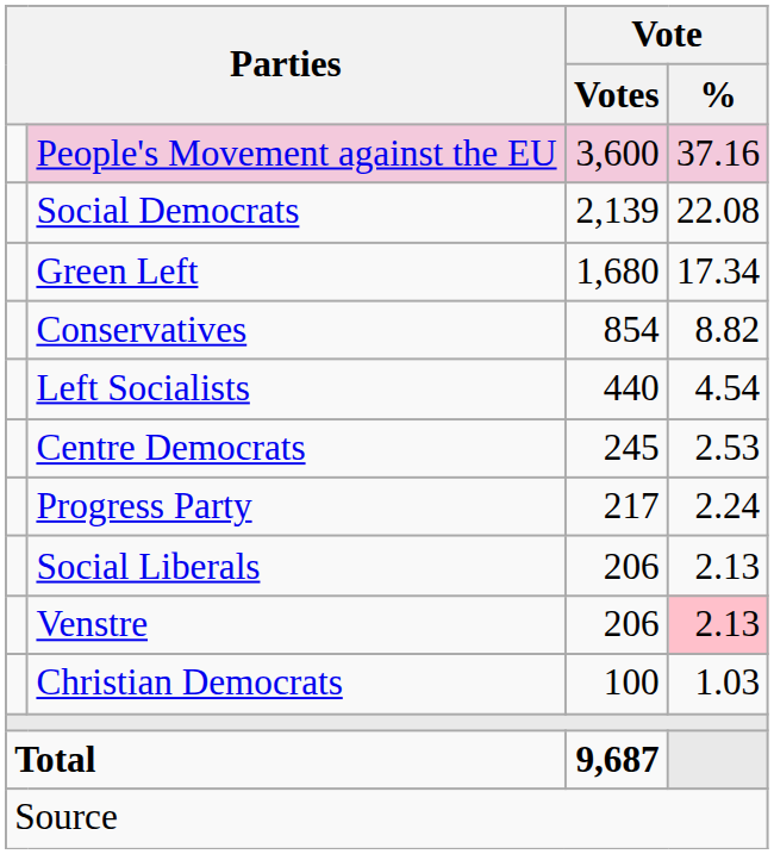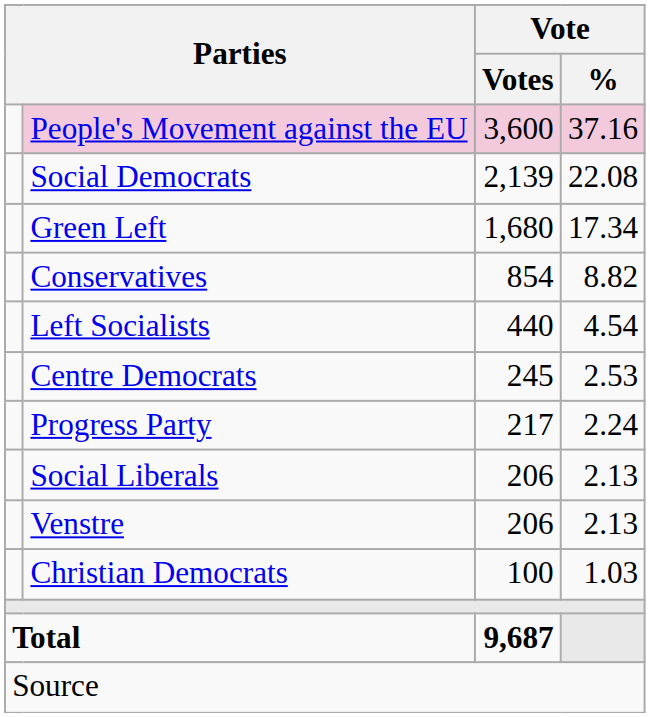 <table class="wikitable" style="text-align:right;">
 <tr>
 <th style="text-align:centre;" rowspan="2" colspan="2" width="225">Parties</th>
 <th colspan="3">Vote</th>
 </tr>
 <tr>
 <th width="15">Votes</th>
 <th width="15">%</th>
 </tr>
 <tr>
 <td width="2" style="color:inherit;background:"></td>
 <td bgcolor=#f3c9dc   align="left"><a href='#'>People's Movement against the EU</a></td>
 <td bgcolor=#f3c9dc>3,600</td>
 <td bgcolor=#f3c9dc>37.16</td>
 </tr>
 <tr>
 <td width="2" style="color:inherit;background:"></td>
 <td align="left"><a href='#'>Social Democrats</a></td>
 <td>2,139</td>
 <td>22.08</td>
 </tr>
 <tr>
 <td width="2" style="color:inherit;background:"></td>
 <td align="left"><a href='#'>Green Left</a></td>
 <td>1,680</td>
 <td>17.34</td>
 </tr>
 <tr>
 <td width="2" style="color:inherit;background:"></td>
 <td align="left"><a href='#'>Conservatives</a></td>
 <td>854</td>
 <td>8.82</td>
 </tr>
 <tr>
 <td width="2" style="color:inherit;background:"></td>
 <td align="left"><a href='#'>Left Socialists</a></td>
 <td>440</td>
 <td>4.54</td>
 </tr>
 <tr>
 <td width="2" style="color:inherit;background:"></td>
 <td align="left"><a href='#'>Centre Democrats</a></td>
 <td>245</td>
 <td>2.53</td>
 </tr>
 <tr>
 <td width="2" style="color:inherit;background:"></td>
 <td align="left"><a href='#'>Progress Party</a></td>
 <td>217</td>
 <td>2.24</td>
 </tr>
 <tr>
 <td width="2" style="color:inherit;background:"></td>
 <td align="left"><a href='#'>Social Liberals</a></td>
 <td>206</td>
 <td>2.13</td>
 </tr>
 <tr>
 <td width="2" style="color:inherit;background:"></td>
 <td align="left"><a href='#'>Venstre</a></td>
 <td>206</td>
-<td style="background: pink;">2.13</td>
+<td>2.13</td>
 </tr>
 <tr>
 <td width="2" style="color:inherit;background:"></td>
 <td align="left"><a href='#'>Christian Democrats</a></td>
 <td>100</td>
 <td>1.03</td>
 </tr>
 <tr>
 <td colspan="7" bgcolor="#E9E9E9"></td>
 </tr>
 <tr>
 <td align="left" colspan="2"><strong>Total</strong></td>
 <td><strong>9,687</strong></td>
 <td bgcolor="#E9E9E9" colspan="2"></td>
 </tr>
 <tr>
 <td align="left" colspan="6">Source</td>
 </tr>
 </table>
